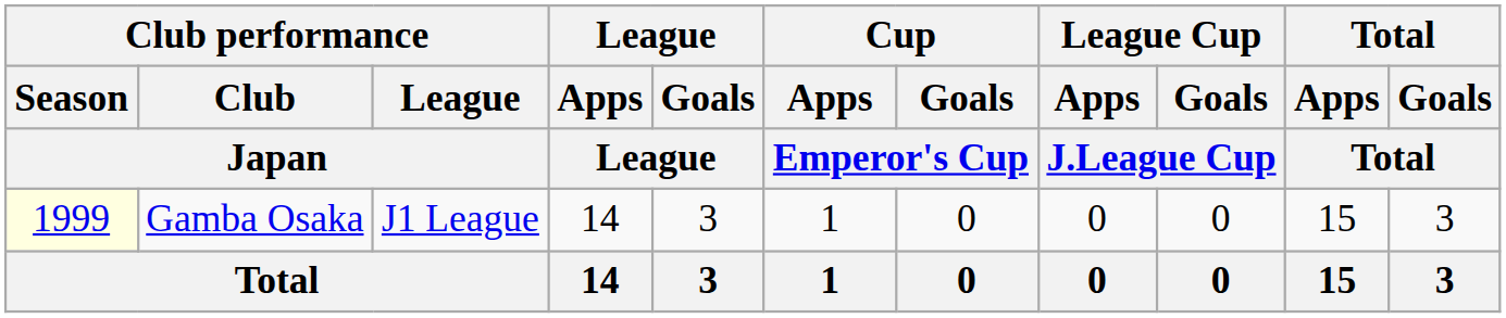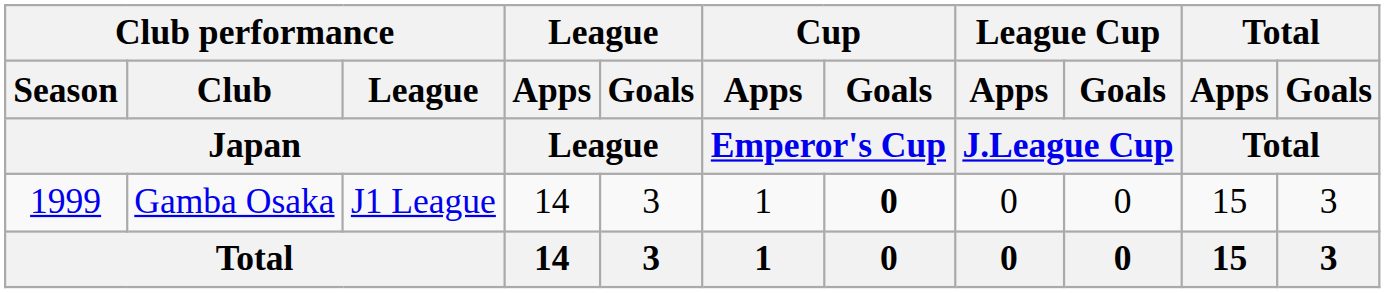 <table class="wikitable" style="text-align:center;">
 <tr>
 <th colspan=3>Club performance</th>
 <th colspan=2>League</th>
 <th colspan=2>Cup</th>
 <th colspan=2>League Cup</th>
 <th colspan=2>Total</th>
 </tr>
 <tr>
 <th>Season</th>
 <th>Club</th>
 <th>League</th>
 <th>Apps</th>
 <th>Goals</th>
 <th>Apps</th>
 <th>Goals</th>
 <th>Apps</th>
 <th>Goals</th>
 <th>Apps</th>
 <th>Goals</th>
 </tr>
 <tr>
 <th colspan=3>Japan</th>
 <th colspan=2>League</th>
 <th colspan=2><a href='#'>Emperor's Cup</a></th>
 <th colspan=2><a href='#'>J.League Cup</a></th>
 <th colspan=2>Total</th>
 </tr>
 <tr>
-<td style="background: lightyellow;"><a href='#'>1999</a></td>
+<td><a href='#'>1999</a></td>
 <td><a href='#'>Gamba Osaka</a></td>
 <td><a href='#'>J1 League</a></td>
 <td>14</td>
 <td>3</td>
 <td>1</td>
-<td>0</td>
+<td><strong>0</strong></td>
 <td>0</td>
 <td>0</td>
 <td>15</td>
 <td>3</td>
 </tr>
 <tr>
 <th colspan=3>Total</th>
 <th>14</th>
 <th>3</th>
 <th>1</th>
 <th>0</th>
 <th>0</th>
 <th>0</th>
 <th>15</th>
 <th>3</th>
 </tr>
 </table>
